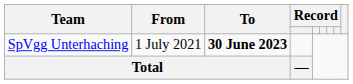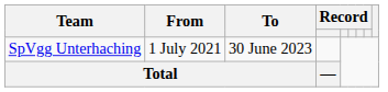 <table class="wikitable" style="text-align: center">
 <tr>
 <th rowspan="2">Team</th>
 <th rowspan="2">From</th>
 <th rowspan="2">To</th>
 <th colspan="5">Record</th>
 <th rowspan="2"></th>
 </tr>
 <tr>
 <th></th>
 <th></th>
 <th></th>
 <th></th>
 <th></th>
 </tr>
 <tr>
 <td><a href='#'>SpVgg Unterhaching</a></td>
 <td>1 July 2021</td>
-<td><strong>30 June 2023<br></strong></td>
+<td>30 June 2023<br></td>
 <td></td>
 </tr>
 <tr>
 <th colspan="3">Total<br></th>
 <th>—</th>
 </tr>
 </table>
